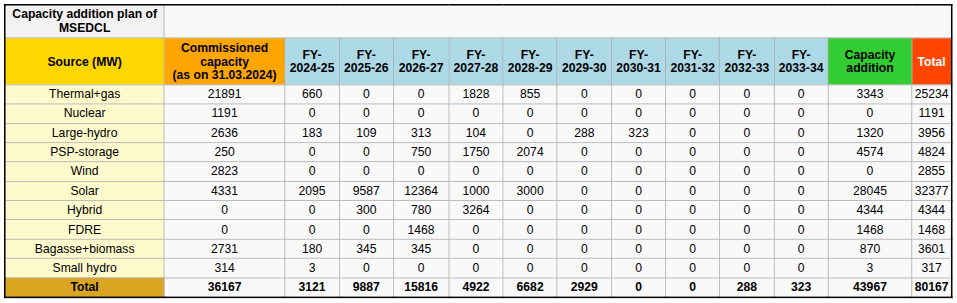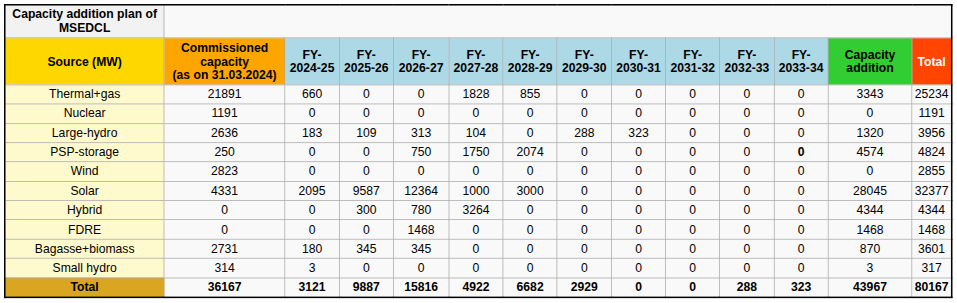 <table class="wikitable" style="text-align:center; border: 2px solid black;">
 <tr>
 <th>Capacity addition plan of MSEDCL</th>
 </tr>
 <tr>
 <th style="background-color:#FFD700; color:black;">Source (MW)</th>
 <th style="background-color:#FFA500; color:black;">Commissioned capacity <br> (as on 31.03.2024)</th>
 <th style="background-color:#ADD8E6; color:black;">FY-2024-25</th>
 <th style="background-color:#ADD8E6; color:black;">FY-2025-26</th>
 <th style="background-color:#ADD8E6; color:black;">FY-2026-27</th>
 <th style="background-color:#ADD8E6; color:black;">FY-2027-28</th>
 <th style="background-color:#ADD8E6; color:black;">FY-2028-29</th>
 <th style="background-color:#ADD8E6; color:black;">FY-2029-30</th>
 <th style="background-color:#ADD8E6; color:black;">FY-2030-31</th>
 <th style="background-color:#ADD8E6; color:black;">FY-2031-32</th>
 <th style="background-color:#ADD8E6; color:black;">FY-2032-33</th>
 <th style="background-color:#ADD8E6; color:black;">FY-2033-34</th>
 <th style="background-color:#32CD32; color:black;">Capacity addition</th>
 <th style="background-color:#FF4500; color:white;">Total</th>
 </tr>
 <tr>
 <td style="background-color:#FFFACD;">Thermal+gas</td>
 <td>21891</td>
 <td>660</td>
 <td>0</td>
 <td>0</td>
 <td>1828</td>
 <td>855</td>
 <td>0</td>
 <td>0</td>
 <td>0</td>
 <td>0</td>
 <td>0</td>
 <td>3343</td>
 <td>25234</td>
 </tr>
 <tr>
 <td style="background-color:#FFFACD;">Nuclear</td>
 <td>1191</td>
 <td>0</td>
 <td>0</td>
 <td>0</td>
 <td>0</td>
 <td>0</td>
 <td>0</td>
 <td>0</td>
 <td>0</td>
 <td>0</td>
 <td>0</td>
 <td>0</td>
 <td>1191</td>
 </tr>
 <tr>
 <td style="background-color:#FFFACD;">Large-hydro</td>
 <td>2636</td>
 <td>183</td>
 <td>109</td>
 <td>313</td>
 <td>104</td>
 <td>0</td>
 <td>288</td>
 <td>323</td>
 <td>0</td>
 <td>0</td>
 <td>0</td>
 <td>1320</td>
 <td>3956</td>
 </tr>
 <tr>
 <td style="background-color:#FFFACD;">PSP-storage</td>
 <td>250</td>
 <td>0</td>
 <td>0</td>
 <td>750</td>
 <td>1750</td>
 <td>2074</td>
 <td>0</td>
 <td>0</td>
 <td>0</td>
 <td>0</td>
-<td>0</td>
+<td><strong>0</strong></td>
 <td>4574</td>
 <td>4824</td>
 </tr>
 <tr>
 <td style="background-color:#FFFACD;">Wind</td>
 <td>2823</td>
 <td>0</td>
 <td>0</td>
 <td>0</td>
 <td>0</td>
 <td>0</td>
 <td>0</td>
 <td>0</td>
 <td>0</td>
 <td>0</td>
 <td>0</td>
 <td>0</td>
 <td>2855</td>
 </tr>
 <tr>
 <td style="background-color:#FFFACD;">Solar</td>
 <td>4331</td>
 <td>2095</td>
 <td>9587</td>
 <td>12364</td>
 <td>1000</td>
 <td>3000</td>
 <td>0</td>
 <td>0</td>
 <td>0</td>
 <td>0</td>
 <td>0</td>
 <td>28045</td>
 <td>32377</td>
 </tr>
 <tr>
 <td style="background-color:#FFFACD;">Hybrid</td>
 <td>0</td>
 <td>0</td>
 <td>300</td>
 <td>780</td>
 <td>3264</td>
 <td>0</td>
 <td>0</td>
 <td>0</td>
 <td>0</td>
 <td>0</td>
 <td>0</td>
 <td>4344</td>
 <td>4344</td>
 </tr>
 <tr>
 <td style="background-color:#FFFACD;">FDRE</td>
 <td>0</td>
 <td>0</td>
 <td>0</td>
 <td>1468</td>
 <td>0</td>
 <td>0</td>
 <td>0</td>
 <td>0</td>
 <td>0</td>
 <td>0</td>
 <td>0</td>
 <td>1468</td>
 <td>1468</td>
 </tr>
 <tr>
 <td style="background-color:#FFFACD;">Bagasse+biomass</td>
 <td>2731</td>
 <td>180</td>
 <td>345</td>
 <td>345</td>
 <td>0</td>
 <td>0</td>
 <td>0</td>
 <td>0</td>
 <td>0</td>
 <td>0</td>
 <td>0</td>
 <td>870</td>
 <td>3601</td>
 </tr>
 <tr>
 <td style="background-color:#FFFACD;">Small hydro</td>
 <td>314</td>
 <td>3</td>
 <td>0</td>
 <td>0</td>
 <td>0</td>
 <td>0</td>
 <td>0</td>
 <td>0</td>
 <td>0</td>
 <td>0</td>
 <td>0</td>
 <td>3</td>
 <td>317</td>
 </tr>
 <tr>
 <td style="background-color:#DAA520; font-weight:bold;">Total</td>
 <td><strong>36167</strong></td>
 <td><strong>3121</strong></td>
 <td><strong>9887</strong></td>
 <td><strong>15816</strong></td>
 <td><strong>4922</strong></td>
 <td><strong>6682</strong></td>
 <td><strong>2929</strong></td>
 <td><strong>0</strong></td>
 <td><strong>0</strong></td>
 <td><strong>288</strong></td>
 <td><strong>323</strong></td>
 <td><strong>43967</strong></td>
 <td><strong>80167</strong></td>
 </tr>
 </table>
